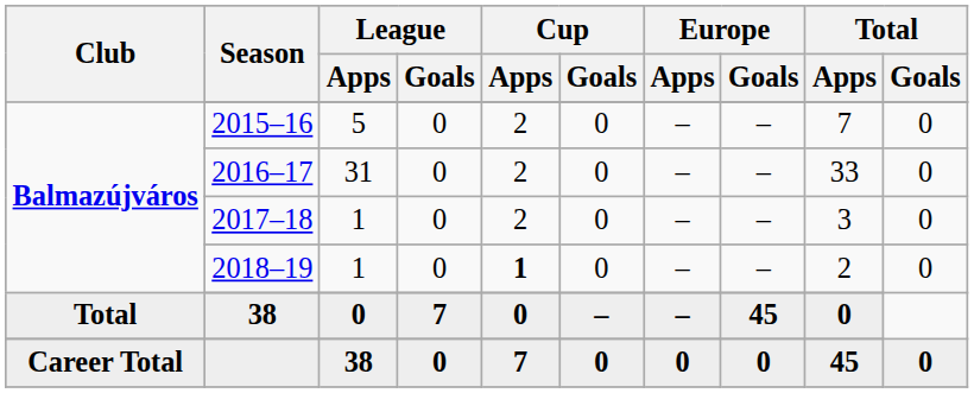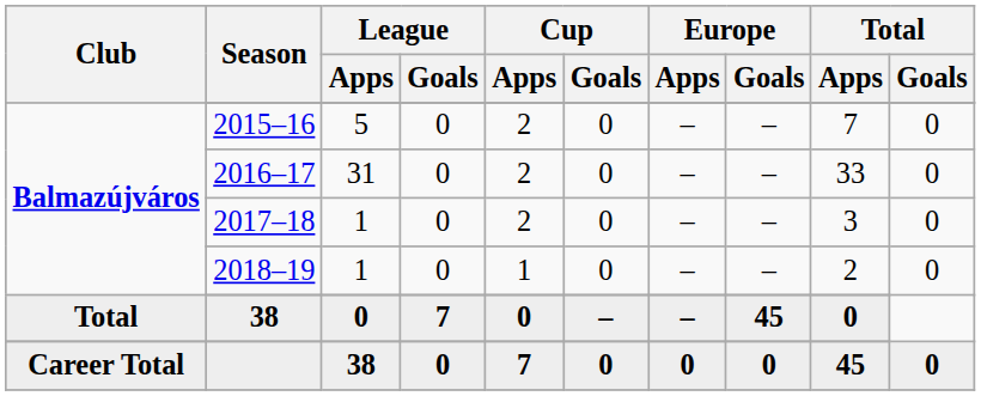 <table class="wikitable" style="font-size:90%; text-align: center;">
 <tr>
 <th rowspan="2">Club</th>
 <th rowspan="2">Season</th>
 <th colspan="2">League</th>
 <th colspan="2">Cup</th>
 <th colspan="2">Europe</th>
 <th colspan="2">Total</th>
 </tr>
 <tr>
 <th>Apps</th>
 <th>Goals</th>
 <th>Apps</th>
 <th>Goals</th>
 <th>Apps</th>
 <th>Goals</th>
 <th>Apps</th>
 <th>Goals</th>
 </tr>
 <tr ||-||-||-|->
 <td rowspan="6" valign="center"><strong><a href='#'>Balmazújváros</a></strong></td>
 </tr>
 <tr>
 <td><a href='#'>2015–16</a></td>
 <td>5</td>
 <td>0</td>
 <td>2</td>
 <td>0</td>
 <td>–</td>
 <td>–</td>
 <td>7</td>
 <td>0</td>
 </tr>
 <tr>
 <td><a href='#'>2016–17</a></td>
 <td>31</td>
 <td>0</td>
 <td>2</td>
 <td>0</td>
 <td>–</td>
 <td>–</td>
 <td>33</td>
 <td>0</td>
 </tr>
 <tr>
 <td><a href='#'>2017–18</a></td>
 <td>1</td>
 <td>0</td>
 <td>2</td>
 <td>0</td>
 <td>–</td>
 <td>–</td>
 <td>3</td>
 <td>0</td>
 </tr>
 <tr>
 <td><a href='#'>2018–19</a></td>
 <td>1</td>
 <td>0</td>
-<td><strong>1</strong></td>
+<td>1</td>
 <td>0</td>
 <td>–</td>
 <td>–</td>
 <td>2</td>
 <td>0</td>
 </tr>
 <tr>
 </tr>
 <tr style="font-weight:bold; background-color:#eeeeee;">
 <td>Total</td>
 <td>38</td>
 <td>0</td>
 <td>7</td>
 <td>0</td>
 <td>–</td>
 <td>–</td>
 <td>45</td>
 <td>0</td>
 </tr>
 <tr>
 </tr>
 <tr style="font-weight:bold; background-color:#eeeeee;">
 <td rowspan="2" valign="top"><strong>Career Total</strong></td>
 <td></td>
 <td><strong>38</strong></td>
 <td><strong>0</strong></td>
 <td><strong>7</strong></td>
 <td><strong>0</strong></td>
 <td><strong>0</strong></td>
 <td><strong>0</strong></td>
 <td><strong>45</strong></td>
 <td><strong>0</strong></td>
 </tr>
 </table>
